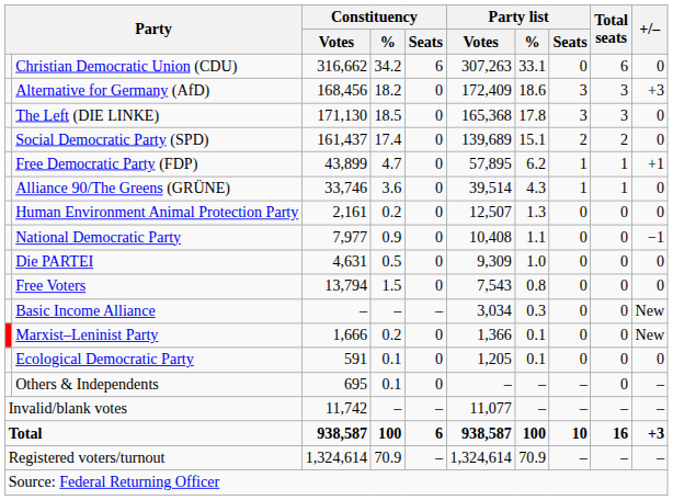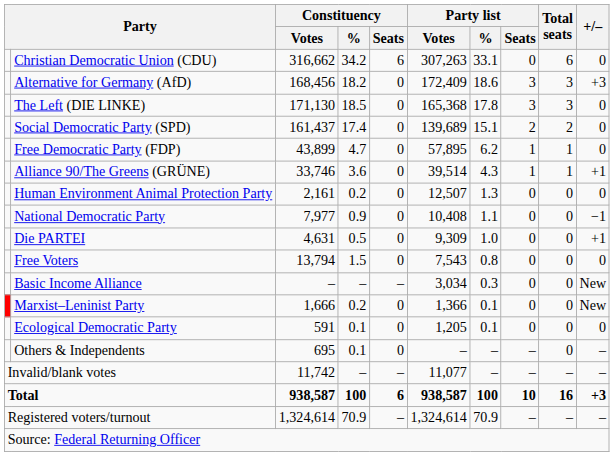 <table class="wikitable" style="text-align:right">
 <tr>
 <th colspan="2" rowspan="2">Party</th>
 <th colspan="3">Constituency</th>
 <th colspan="3">Party list</th>
 <th rowspan="2">Total<br>seats</th>
 <th rowspan="2">+/–</th>
 </tr>
 <tr>
 <th>Votes</th>
 <th>%</th>
 <th>Seats</th>
 <th>Votes</th>
 <th>%</th>
 <th>Seats</th>
 </tr>
 <tr>
 <td></td>
 <td align="left"><a href='#'>Christian Democratic Union</a> (CDU)</td>
 <td>316,662</td>
 <td>34.2</td>
 <td>6</td>
 <td>307,263</td>
 <td>33.1</td>
 <td>0</td>
 <td>6</td>
 <td>0</td>
 </tr>
 <tr>
 <td></td>
 <td align="left"><a href='#'>Alternative for Germany</a> (AfD)</td>
 <td>168,456</td>
 <td>18.2</td>
 <td>0</td>
 <td>172,409</td>
 <td>18.6</td>
 <td>3</td>
 <td>3</td>
 <td>+3</td>
 </tr>
 <tr>
 <td></td>
 <td align="left"><a href='#'>The Left</a> (DIE LINKE)</td>
 <td>171,130</td>
 <td>18.5</td>
 <td>0</td>
 <td>165,368</td>
 <td>17.8</td>
 <td>3</td>
 <td>3</td>
 <td>0</td>
 </tr>
 <tr>
 <td></td>
 <td align="left"><a href='#'>Social Democratic Party</a> (SPD)</td>
 <td>161,437</td>
 <td>17.4</td>
 <td>0</td>
 <td>139,689</td>
 <td>15.1</td>
 <td>2</td>
 <td>2</td>
 <td>0</td>
 </tr>
 <tr>
 <td></td>
 <td align="left"><a href='#'>Free Democratic Party</a> (FDP)</td>
 <td>43,899</td>
 <td>4.7</td>
 <td>0</td>
 <td>57,895</td>
 <td>6.2</td>
 <td>1</td>
 <td>1</td>
-<td>+1</td>
+<td>0</td>
 </tr>
 <tr>
 <td></td>
 <td align="left"><a href='#'>Alliance 90/The Greens</a> (GRÜNE)</td>
 <td>33,746</td>
 <td>3.6</td>
 <td>0</td>
 <td>39,514</td>
 <td>4.3</td>
 <td>1</td>
 <td>1</td>
-<td>0</td>
+<td>+1</td>
 </tr>
 <tr>
 <td style="background-color:"></td>
 <td align="left"><a href='#'>Human Environment Animal Protection Party</a></td>
 <td>2,161</td>
 <td>0.2</td>
 <td>0</td>
 <td>12,507</td>
 <td>1.3</td>
 <td>0</td>
 <td>0</td>
 <td>0</td>
 </tr>
 <tr>
 <td style="background-color:"></td>
 <td align="left"><a href='#'>National Democratic Party</a></td>
 <td>7,977</td>
 <td>0.9</td>
 <td>0</td>
 <td>10,408</td>
 <td>1.1</td>
 <td>0</td>
 <td>0</td>
 <td>−1</td>
 </tr>
 <tr>
 <td style="background-color:"></td>
 <td align="left"><a href='#'>Die PARTEI</a></td>
 <td>4,631</td>
 <td>0.5</td>
 <td>0</td>
 <td>9,309</td>
 <td>1.0</td>
 <td>0</td>
 <td>0</td>
-<td>0</td>
+<td>+1</td>
 </tr>
 <tr>
 <td style="background-color:"></td>
 <td align="left"><a href='#'>Free Voters</a></td>
 <td>13,794</td>
 <td>1.5</td>
 <td>0</td>
 <td>7,543</td>
 <td>0.8</td>
 <td>0</td>
 <td>0</td>
 <td>0</td>
 </tr>
 <tr>
 <td style="background-color:"></td>
 <td align="left"><a href='#'>Basic Income Alliance</a></td>
 <td>–</td>
 <td>–</td>
 <td>–</td>
 <td>3,034</td>
 <td>0.3</td>
 <td>0</td>
 <td>0</td>
 <td>New</td>
 </tr>
 <tr>
 <td style="background-color:red"></td>
 <td align="left"><a href='#'>Marxist–Leninist Party</a></td>
 <td>1,666</td>
 <td>0.2</td>
 <td>0</td>
 <td>1,366</td>
 <td>0.1</td>
 <td>0</td>
 <td>0</td>
 <td>New</td>
 </tr>
 <tr>
 <td style="background-color:"></td>
 <td align="left"><a href='#'>Ecological Democratic Party</a></td>
 <td>591</td>
 <td>0.1</td>
 <td>0</td>
 <td>1,205</td>
 <td>0.1</td>
 <td>0</td>
 <td>0</td>
 <td>0</td>
 </tr>
 <tr>
 <td></td>
 <td align="left">Others & Independents</td>
 <td>695</td>
 <td>0.1</td>
 <td>0</td>
 <td>–</td>
 <td>–</td>
 <td>–</td>
 <td>0</td>
 <td>–</td>
 </tr>
 <tr>
 <td colspan="2" align="left">Invalid/blank votes</td>
 <td>11,742</td>
 <td>–</td>
 <td>–</td>
 <td>11,077</td>
 <td>–</td>
 <td>–</td>
 <td>–</td>
 <td>–</td>
 </tr>
 <tr>
 <td colspan="2" align="left"><strong>Total</strong></td>
 <td><strong>938,587</strong></td>
 <td><strong>100</strong></td>
 <td><strong>6</strong></td>
 <td><strong>938,587</strong></td>
 <td><strong>100</strong></td>
 <td><strong>10</strong></td>
 <td><strong>16</strong></td>
 <td><strong>+3</strong></td>
 </tr>
 <tr>
 <td colspan="2" align="left">Registered voters/turnout</td>
 <td>1,324,614</td>
 <td>70.9</td>
 <td>–</td>
 <td>1,324,614</td>
 <td>70.9</td>
 <td>–</td>
 <td>–</td>
 <td>–</td>
 </tr>
 <tr>
 <td colspan="10" align="left">Source: <a href='#'>Federal Returning Officer</a></td>
 </tr>
 </table>
